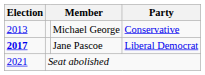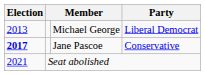 <table class="wikitable">
 <tr>
 <th>Election</th>
 <th colspan="2">Member</th>
 <th>Party</th>
 </tr>
 <tr>
 <td><a href='#'>2013</a></td>
 <td rowspan="1" style="background-color: "></td>
 <td rowspan="1">Michael George</td>
-<td rowspan="1"><a href='#'>Conservative</a></td>
+<td rowspan="1"><a href='#'>Liberal Democrat</a></td>
 </tr>
 <tr>
 <td><strong><a href='#'>2017</a></strong></td>
 <td rowspan="1" style="background-color: "></td>
 <td rowspan="1">Jane Pascoe</td>
-<td rowspan="1"><a href='#'>Liberal Democrat</a></td>
+<td rowspan="1"><a href='#'>Conservative</a></td>
 </tr>
 <tr>
 <td><a href='#'>2021</a></td>
 <td colspan="3"><em>Seat abolished</em></td>
 </tr>
 </table>
